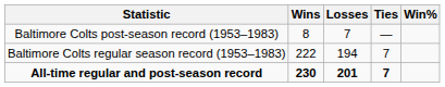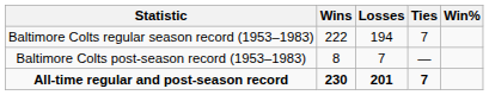 <table class="wikitable" style="text-align:center; font-size:95%">
 <tr>
 <th>Statistic</th>
 <th>Wins</th>
 <th>Losses</th>
 <th>Ties</th>
 <th>Win%</th>
 </tr>
 <tr>
+<td>Baltimore Colts regular season record (1953–1983)</td>
+<td>222</td>
+<td>194</td>
+<td>7</td>
+<td></td>
+</tr>
+<tr>
 <td>Baltimore Colts post-season record (1953–1983)</td>
 <td>8</td>
 <td>7</td>
 <td>—</td>
-<td></td>
-</tr>
-<tr>
-<td>Baltimore Colts regular season record (1953–1983)</td>
-<td>222</td>
-<td>194</td>
-<td>7</td>
 <td></td>
 </tr>
 <tr>
 <td><strong>All-time regular and post-season record</strong></td>
 <td><strong>230</strong></td>
 <td><strong>201</strong></td>
 <td><strong>7</strong></td>
 <td><strong></strong></td>
 </tr>
 </table>
